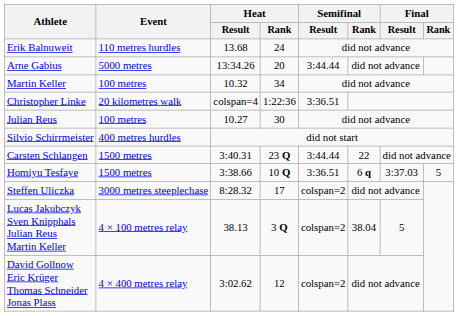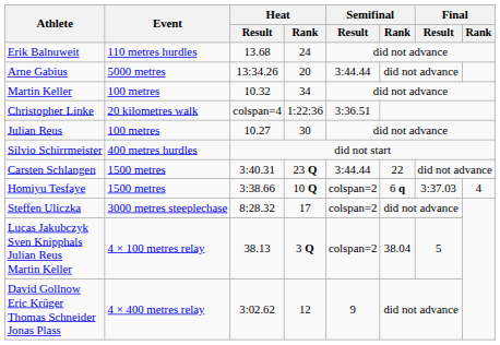 <table class="wikitable" style="font-size:90%">
 <tr>
 <th rowspan="2">Athlete</th>
 <th rowspan="2">Event</th>
 <th colspan="2">Heat</th>
 <th colspan="2">Semifinal</th>
 <th colspan="2">Final</th>
 </tr>
 <tr style="font-size:95%">
 <th>Result</th>
 <th>Rank</th>
 <th>Result</th>
 <th>Rank</th>
 <th>Result</th>
 <th>Rank</th>
 </tr>
 <tr align=center>
 <td align=left><a href='#'>Erik Balnuweit</a></td>
 <td align=left><a href='#'>110 metres hurdles</a></td>
 <td>13.68</td>
 <td>24</td>
 <td colspan=4>did not advance</td>
 </tr>
 <tr align=center>
 <td align=left><a href='#'>Arne Gabius</a></td>
 <td align=left><a href='#'>5000 metres</a></td>
 <td>13:34.26</td>
 <td>20</td>
 <td>3:44.44</td>
 <td colspan=2>did not advance</td>
 </tr>
 <tr align=center>
 <td align=left><a href='#'>Martin Keller</a></td>
 <td align=left><a href='#'>100 metres</a></td>
 <td>10.32</td>
 <td>34</td>
 <td colspan=4>did not advance</td>
 </tr>
 <tr align=center>
 <td align=left><a href='#'>Christopher Linke</a></td>
 <td align=left><a href='#'>20 kilometres walk</a></td>
 <td>colspan=4 </td>
 <td>1:22:36</td>
 <td>3:36.51</td>
 </tr>
 <tr align=center>
 <td align=left><a href='#'>Julian Reus</a></td>
 <td align=left><a href='#'>100 metres</a></td>
 <td>10.27</td>
 <td>30</td>
 <td colspan=4>did not advance</td>
 </tr>
 <tr align=center>
 <td align=left><a href='#'>Silvio Schirrmeister</a></td>
 <td align=left><a href='#'>400 metres hurdles</a></td>
 <td colspan=6>did not start</td>
 </tr>
 <tr align=center>
 <td align=left><a href='#'>Carsten Schlangen</a></td>
 <td align=left><a href='#'>1500 metres</a></td>
 <td>3:40.31</td>
 <td>23 <strong>Q</strong></td>
 <td>3:44.44</td>
 <td>22</td>
 <td colspan=2>did not advance</td>
 </tr>
 <tr align=center>
 <td align=left><a href='#'>Homiyu Tesfaye</a></td>
 <td align=left><a href='#'>1500 metres</a></td>
 <td>3:38.66</td>
 <td>10 <strong>Q</strong></td>
-<td>3:36.51</td>
+<td>colspan=2 </td>
 <td>6 <strong>q</strong></td>
 <td>3:37.03</td>
-<td>5</td>
+<td>4</td>
 </tr>
 <tr align=center>
 <td align=left><a href='#'>Steffen Uliczka</a></td>
 <td align=left><a href='#'>3000 metres steeplechase</a></td>
 <td>8:28.32</td>
 <td>17</td>
 <td>colspan=2 </td>
 <td colspan=2>did not advance</td>
 </tr>
 <tr align=center>
 <td align=left><a href='#'>Lucas Jakubczyk</a><br><a href='#'>Sven Knipphals</a><br><a href='#'>Julian Reus</a><br><a href='#'>Martin Keller</a></td>
 <td align=left><a href='#'>4 × 100 metres relay</a></td>
 <td>38.13</td>
 <td>3 <strong>Q</strong></td>
 <td>colspan=2 </td>
 <td>38.04</td>
 <td>5</td>
 </tr>
 <tr align=center>
 <td align=left><a href='#'>David Gollnow</a><br><a href='#'>Eric Krüger</a><br><a href='#'>Thomas Schneider</a><br><a href='#'>Jonas Plass</a></td>
 <td align=left><a href='#'>4 × 400 metres relay</a></td>
 <td>3:02.62</td>
 <td>12</td>
-<td>colspan=2 </td>
+<td>9</td>
 <td colspan=2>did not advance</td>
 </tr>
 </table>
